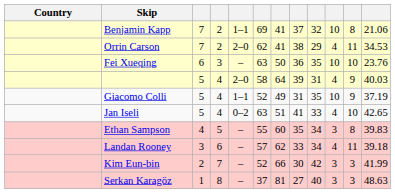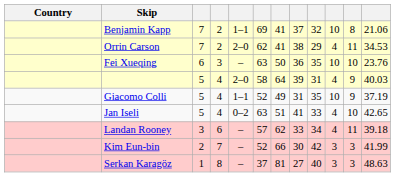 <table class=wikitable  style="text-align:center;">
 <tr>
 <th width=140>Country</th>
 <th width=130>Skip</th>
 <th width=20></th>
 <th width=20></th>
 <th width=30></th>
 <th width=20></th>
 <th width=20></th>
 <th width=20></th>
 <th width=20></th>
 <th width=20></th>
 <th width=20></th>
 <th width=20></th>
 </tr>
 <tr style="background:#ffffcc;">
 <td style="text-align:left;"></td>
 <td style="text-align:left;"><a href='#'>Benjamin Kapp</a></td>
 <td>7</td>
 <td>2</td>
 <td>1–1</td>
 <td>69</td>
 <td>41</td>
 <td>37</td>
 <td>32</td>
 <td>10</td>
 <td>8</td>
 <td>21.06</td>
 </tr>
 <tr style="background:#ffffcc;">
 <td style="text-align:left;"></td>
 <td style="text-align:left;"><a href='#'>Orrin Carson</a></td>
 <td>7</td>
 <td>2</td>
 <td>2–0</td>
 <td>62</td>
 <td>41</td>
 <td>38</td>
 <td>29</td>
 <td>4</td>
 <td>11</td>
 <td>34.53</td>
 </tr>
 <tr style="background:#ffffcc;">
 <td style="text-align:left;"></td>
 <td style="text-align:left;"><a href='#'>Fei Xueqing</a></td>
 <td>6</td>
 <td>3</td>
 <td>–</td>
 <td>63</td>
 <td>50</td>
 <td>36</td>
 <td>35</td>
 <td>10</td>
 <td>10</td>
 <td>23.76</td>
 </tr>
 <tr style="background:#ffffcc;">
 <td style="text-align:left;"></td>
 <td style="text-align:left;"></td>
 <td>5</td>
 <td>4</td>
 <td>2–0</td>
 <td>58</td>
 <td>64</td>
 <td>39</td>
 <td>31</td>
 <td>4</td>
 <td>9</td>
 <td>40.03</td>
 </tr>
 <tr>
 <td style="text-align:left;"></td>
 <td style="text-align:left;"><a href='#'>Giacomo Colli</a></td>
 <td>5</td>
 <td>4</td>
 <td>1–1</td>
 <td>52</td>
 <td>49</td>
 <td>31</td>
 <td>35</td>
 <td>10</td>
 <td>9</td>
 <td>37.19</td>
 </tr>
 <tr>
 <td style="text-align:left;"></td>
 <td style="text-align:left;"><a href='#'>Jan Iseli</a></td>
 <td>5</td>
 <td>4</td>
 <td>0–2</td>
 <td>63</td>
 <td>51</td>
 <td>41</td>
 <td>33</td>
 <td>4</td>
 <td>10</td>
 <td>42.65</td>
 </tr>
 <tr style="background:#ffcccc;">
 <td style="text-align:left;"></td>
-<td style="text-align:left;"><a href='#'>Ethan Sampson</a></td>
-<td>4</td>
-<td>5</td>
-<td>–</td>
-<td>55</td>
-<td>60</td>
-<td>35</td>
-<td>34</td>
-<td>3</td>
-<td>8</td>
-<td>39.83</td>
-</tr>
-<tr style="background:#ffcccc;">
-<td style="text-align:left;"></td>
 <td style="text-align:left;"><a href='#'>Landan Rooney</a></td>
 <td>3</td>
 <td>6</td>
 <td>–</td>
 <td>57</td>
 <td>62</td>
 <td>33</td>
 <td>34</td>
 <td>4</td>
 <td>11</td>
 <td>39.18</td>
 </tr>
 <tr style="background:#ffcccc;">
 <td style="text-align:left;"></td>
 <td style="text-align:left;"><a href='#'>Kim Eun-bin</a></td>
 <td>2</td>
 <td>7</td>
 <td>–</td>
 <td>52</td>
 <td>66</td>
 <td>30</td>
 <td>42</td>
 <td>3</td>
 <td>3</td>
 <td>41.99</td>
 </tr>
 <tr style="background:#ffcccc;">
 <td style="text-align:left;"></td>
 <td style="text-align:left;"><a href='#'>Serkan Karagöz</a></td>
 <td>1</td>
 <td>8</td>
 <td>–</td>
 <td>37</td>
 <td>81</td>
 <td>27</td>
 <td>40</td>
 <td>3</td>
 <td>3</td>
 <td>48.63</td>
 </tr>
 </table>
